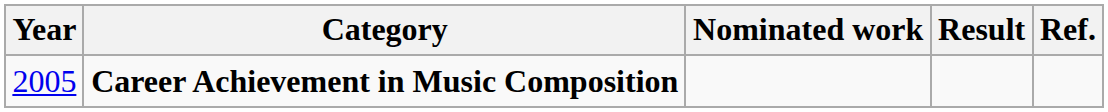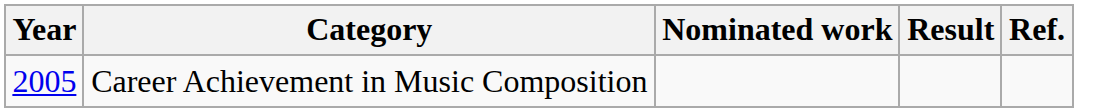 <table class="wikitable">
 <tr>
 <th>Year</th>
 <th>Category</th>
 <th>Nominated work</th>
 <th>Result</th>
 <th>Ref.</th>
 </tr>
 <tr>
 <td><a href='#'>2005</a></td>
-<td><strong>Career Achievement in Music Composition</strong></td>
+<td>Career Achievement in Music Composition</td>
 <td></td>
 <td></td>
 <td align="center"></td>
 </tr>
 </table>
